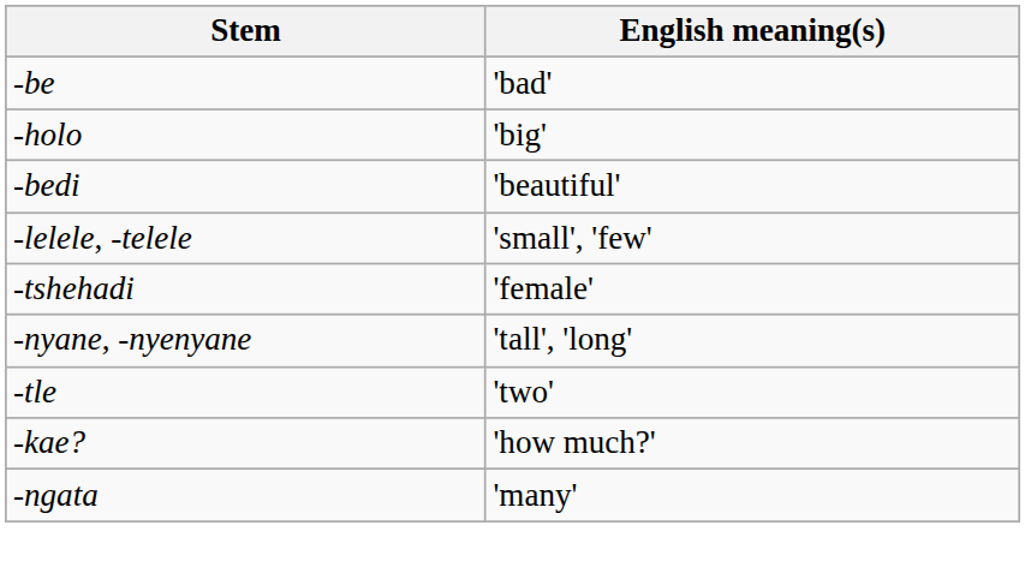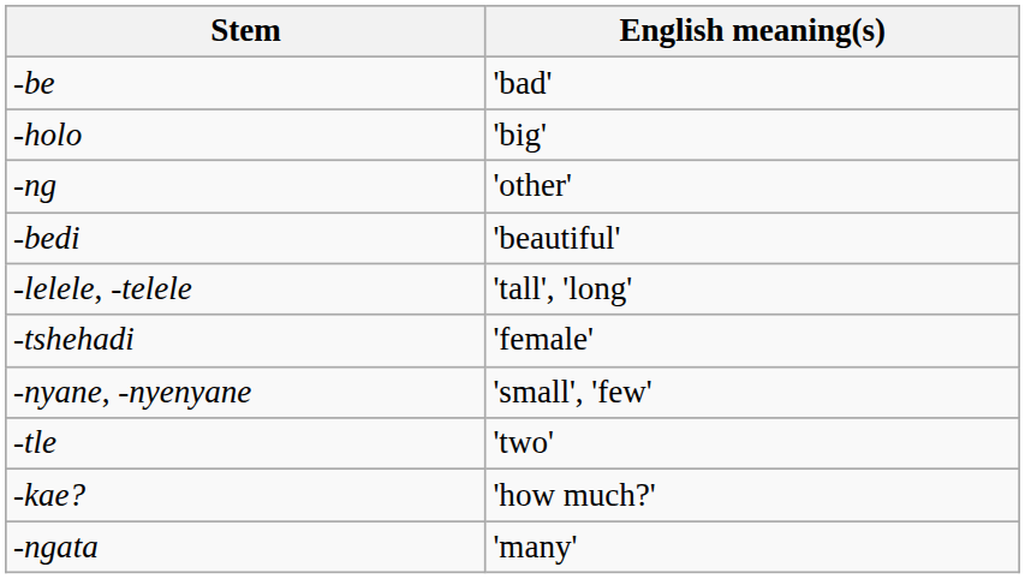 <table class="wikitable" width="500">
 <tr>
 <th>Stem</th>
 <th>English meaning(s)</th>
 </tr>
 <tr>
 <td> <em>-be</em></td>
 <td>'bad'</td>
 </tr>
 <tr>
 <td> <em>-holo</em></td>
 <td>'big'</td>
 </tr>
 <tr>
+<td> <em>-ng</em></td>
+<td>'other'</td>
+</tr>
+<tr>
 <td> <em>-bedi</em></td>
 <td>'beautiful'</td>
 </tr>
 <tr>
 <td> <em>-lelele</em>,  <em>-telele</em></td>
-<td>'small', 'few'</td>
+<td>'tall', 'long'</td>
 </tr>
 <tr>
 <td> <em>-tshehadi</em></td>
 <td>'female'</td>
 </tr>
 <tr>
 <td> <em>-nyane</em>,  <em>-nyenyane</em></td>
-<td>'tall', 'long'</td>
+<td>'small', 'few'</td>
 </tr>
 <tr>
 <td> <em>-tle</em></td>
 <td>'two'</td>
 </tr>
 <tr>
 <td> <em>-kae?</em></td>
 <td>'how much?'</td>
 </tr>
 <tr>
 <td> <em>-ngata</em></td>
 <td>'many'</td>
 </tr>
 </table>
